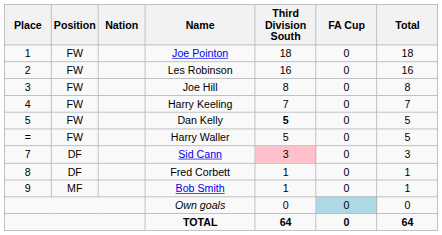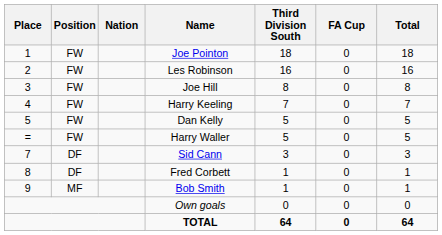 <table class="wikitable" style="font-size: 95%; text-align: center;">
 <tr>
 <th width=60>Place</th>
 <th width=60>Position</th>
 <th width=60>Nation</th>
 <th width=150>Name</th>
 <th width=80>Third Division South</th>
 <th width=80>FA Cup</th>
 <th width=80>Total</th>
 </tr>
 <tr>
 <td>1</td>
 <td>FW</td>
 <td></td>
 <td><a href='#'>Joe Pointon</a></td>
 <td>18</td>
 <td>0</td>
 <td>18</td>
 </tr>
 <tr>
 <td>2</td>
 <td>FW</td>
 <td></td>
 <td>Les Robinson</td>
 <td>16</td>
 <td>0</td>
 <td>16</td>
 </tr>
 <tr>
 <td>3</td>
 <td>FW</td>
 <td></td>
 <td>Joe Hill</td>
 <td>8</td>
 <td>0</td>
 <td>8</td>
 </tr>
 <tr>
 <td>4</td>
 <td>FW</td>
 <td></td>
 <td>Harry Keeling</td>
 <td>7</td>
 <td>0</td>
 <td>7</td>
 </tr>
 <tr>
 <td>5</td>
 <td>FW</td>
 <td></td>
 <td>Dan Kelly</td>
-<td><strong>5</strong></td>
+<td>5</td>
 <td>0</td>
 <td>5</td>
 </tr>
 <tr>
 <td>=</td>
 <td>FW</td>
 <td></td>
 <td>Harry Waller</td>
 <td>5</td>
 <td>0</td>
 <td>5</td>
 </tr>
 <tr>
 <td>7</td>
 <td>DF</td>
 <td></td>
 <td><a href='#'>Sid Cann</a></td>
-<td style="background: pink;">3</td>
+<td>3</td>
 <td>0</td>
 <td>3</td>
 </tr>
 <tr>
 <td>8</td>
 <td>DF</td>
 <td></td>
 <td>Fred Corbett</td>
 <td>1</td>
 <td>0</td>
 <td>1</td>
 </tr>
 <tr>
 <td>9</td>
 <td>MF</td>
 <td></td>
 <td><a href='#'>Bob Smith</a></td>
 <td>1</td>
 <td>0</td>
 <td>1</td>
 </tr>
 <tr>
 <td colspan="3"></td>
 <td><em>Own goals</em></td>
 <td>0</td>
-<td style="background: lightblue;">0</td>
+<td>0</td>
 <td>0</td>
 </tr>
 <tr>
 <td colspan="3"></td>
 <td><strong>TOTAL</strong></td>
 <td><strong>64</strong></td>
 <td><strong>0</strong></td>
 <td><strong>64</strong></td>
 </tr>
 </table>
